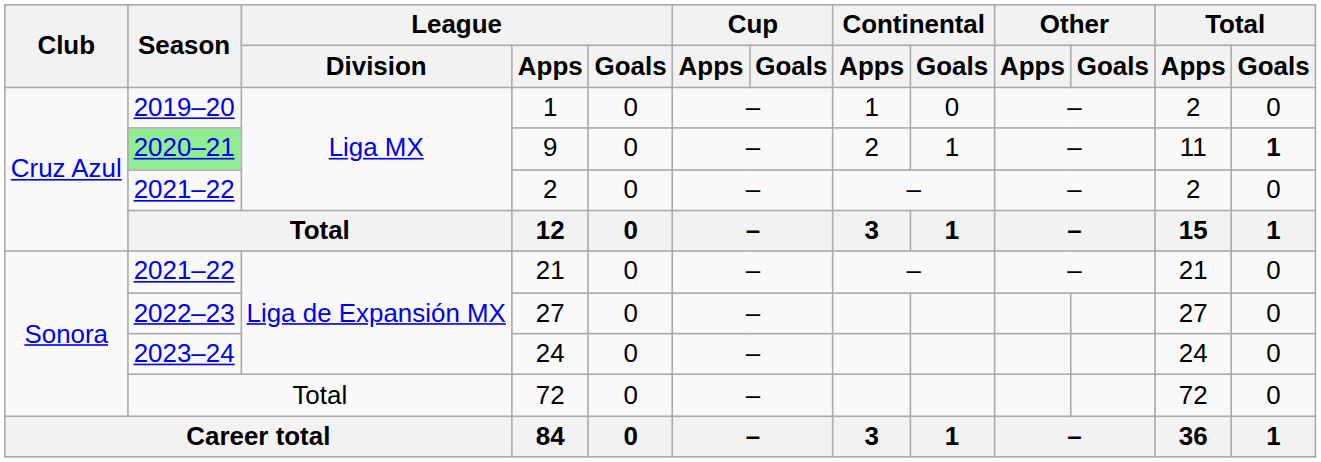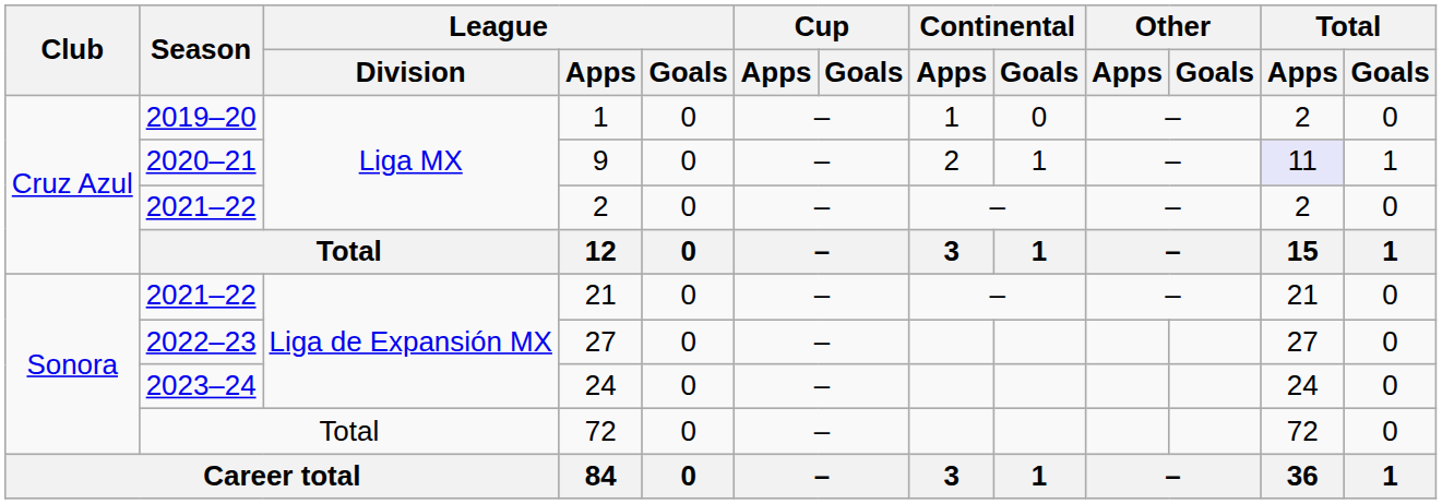 <table class="wikitable" style="text-align: center">
 <tr>
 <th rowspan="2">Club</th>
 <th rowspan="2">Season</th>
 <th colspan="3">League</th>
 <th colspan="2">Cup</th>
 <th colspan="2">Continental</th>
 <th colspan="2">Other</th>
 <th colspan="2">Total</th>
 </tr>
 <tr>
 <th>Division</th>
 <th>Apps</th>
 <th>Goals</th>
 <th>Apps</th>
 <th>Goals</th>
 <th>Apps</th>
 <th>Goals</th>
 <th>Apps</th>
 <th>Goals</th>
 <th>Apps</th>
 <th>Goals</th>
 </tr>
 <tr>
 <td rowspan=4><a href='#'>Cruz Azul</a></td>
 <td><a href='#'>2019–20</a></td>
 <td rowspan=3><a href='#'>Liga MX</a></td>
 <td>1</td>
 <td>0</td>
 <td colspan="2">–</td>
 <td>1</td>
 <td>0</td>
 <td colspan="2">–</td>
 <td>2</td>
 <td>0</td>
 </tr>
 <tr>
-<td style="background: lightgreen;"><a href='#'>2020–21</a></td>
+<td><a href='#'>2020–21</a></td>
 <td>9</td>
 <td>0</td>
 <td colspan="2">–</td>
 <td>2</td>
 <td>1</td>
 <td colspan="2">–</td>
-<td>11</td>
-<td><strong>1</strong></td>
+<td style="background: lavender;">11</td>
+<td>1</td>
 </tr>
 <tr>
 <td><a href='#'>2021–22</a></td>
 <td>2</td>
 <td>0</td>
 <td colspan="2">–</td>
 <td colspan="2">–</td>
 <td colspan="2">–</td>
 <td>2</td>
 <td>0</td>
 </tr>
 <tr>
 <th colspan="2">Total</th>
 <th>12</th>
 <th>0</th>
 <th colspan="2">–</th>
 <th>3</th>
 <th>1</th>
 <th colspan="2">–</th>
 <th>15</th>
 <th>1</th>
 </tr>
 <tr>
 <td rowspan="4"><a href='#'>Sonora</a></td>
 <td><a href='#'>2021–22</a></td>
 <td rowspan="3"><a href='#'>Liga de Expansión MX</a></td>
 <td>21</td>
 <td>0</td>
 <td colspan="2">–</td>
 <td colspan="2">–</td>
 <td colspan="2">–</td>
 <td>21</td>
 <td>0</td>
 </tr>
 <tr>
 <td><a href='#'>2022–23</a></td>
 <td>27</td>
 <td>0</td>
 <td colspan="2">–</td>
 <td></td>
 <td></td>
 <td></td>
 <td></td>
 <td>27</td>
 <td>0</td>
 </tr>
 <tr>
 <td><a href='#'>2023–24</a></td>
 <td>24</td>
 <td>0</td>
 <td colspan="2">–</td>
 <td></td>
 <td></td>
 <td></td>
 <td></td>
 <td>24</td>
 <td>0</td>
 </tr>
 <tr>
 <td colspan="2">Total</td>
 <td>72</td>
 <td>0</td>
 <td colspan="2">–</td>
 <td></td>
 <td></td>
 <td></td>
 <td></td>
 <td>72</td>
 <td>0</td>
 </tr>
 <tr>
 <th colspan="3">Career total</th>
 <th>84</th>
 <th>0</th>
 <th colspan="2">–</th>
 <th>3</th>
 <th>1</th>
 <th colspan="2">–</th>
 <th>36</th>
 <th>1</th>
 </tr>
 </table>
